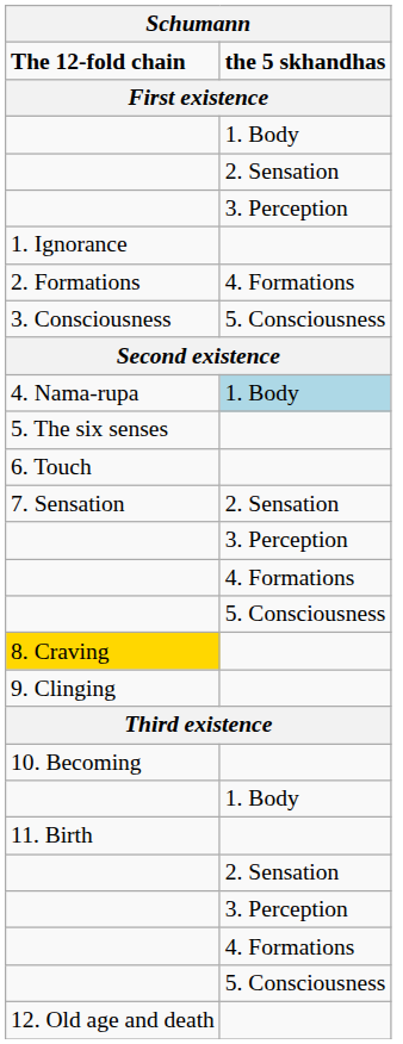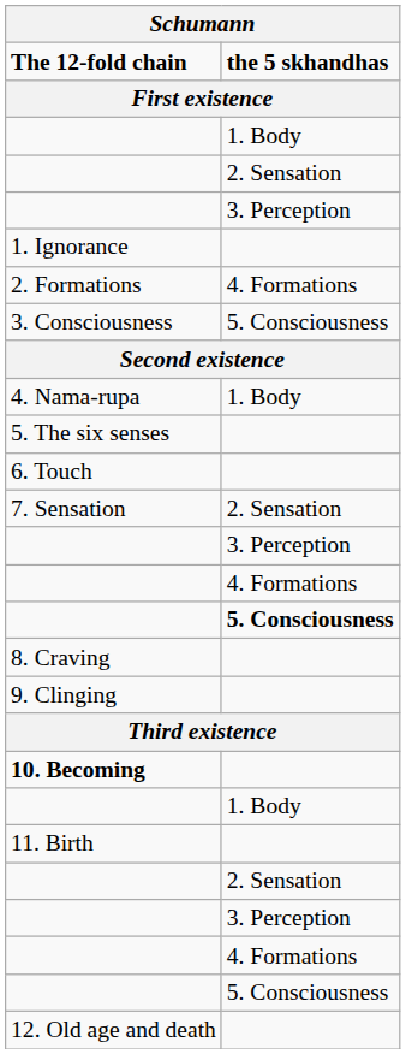 <table class="wikitable floatleft mw-collapsible autocollapse">
 <tr>
 <th colspan="2" style="text-align:center;"><em>Schumann</em></th>
 </tr>
 <tr>
 <td><strong>The 12-fold chain</strong></td>
 <td><strong>the 5 skhandhas</strong></td>
 </tr>
 <tr>
 <th colspan="2" style="text-align:center;"><em>First existence</em></th>
 </tr>
 <tr>
 <td></td>
 <td>1. Body</td>
 </tr>
 <tr>
 <td></td>
 <td>2. Sensation</td>
 </tr>
 <tr>
 <td></td>
 <td>3. Perception</td>
 </tr>
 <tr>
 <td>1. Ignorance</td>
 <td></td>
 </tr>
 <tr>
 <td>2. Formations</td>
 <td>4. Formations</td>
 </tr>
 <tr>
 <td>3. Consciousness</td>
 <td>5. Consciousness</td>
 </tr>
 <tr>
 <th colspan="2" style="text-align:center;"><em>Second existence</em></th>
 </tr>
 <tr>
 <td>4. Nama-rupa</td>
-<td style="background: lightblue;">1. Body</td>
+<td>1. Body</td>
 </tr>
 <tr>
 <td>5. The six senses</td>
 <td></td>
 </tr>
 <tr>
 <td>6. Touch</td>
 <td></td>
 </tr>
 <tr>
 <td>7. Sensation</td>
 <td>2. Sensation</td>
 </tr>
 <tr>
 <td></td>
 <td>3. Perception</td>
 </tr>
 <tr>
 <td></td>
 <td>4. Formations</td>
 </tr>
 <tr>
 <td></td>
-<td>5. Consciousness</td>
+<td><strong>5. Consciousness</strong></td>
 </tr>
 <tr>
-<td style="background: gold;">8. Craving</td>
+<td>8. Craving</td>
 <td></td>
 </tr>
 <tr>
 <td>9. Clinging</td>
 <td></td>
 </tr>
 <tr>
 <th colspan="2" style="text-align:center;"><em>Third existence</em></th>
 </tr>
 <tr>
-<td>10. Becoming</td>
+<td><strong>10. Becoming</strong></td>
 <td></td>
 </tr>
 <tr>
 <td></td>
 <td>1. Body</td>
 </tr>
 <tr>
 <td>11. Birth</td>
 <td></td>
 </tr>
 <tr>
 <td></td>
 <td>2. Sensation</td>
 </tr>
 <tr>
 <td></td>
 <td>3. Perception</td>
 </tr>
 <tr>
 <td></td>
 <td>4. Formations</td>
 </tr>
 <tr>
 <td></td>
 <td>5. Consciousness</td>
 </tr>
 <tr>
 <td>12. Old age and death</td>
 <td></td>
 </tr>
 </table>
